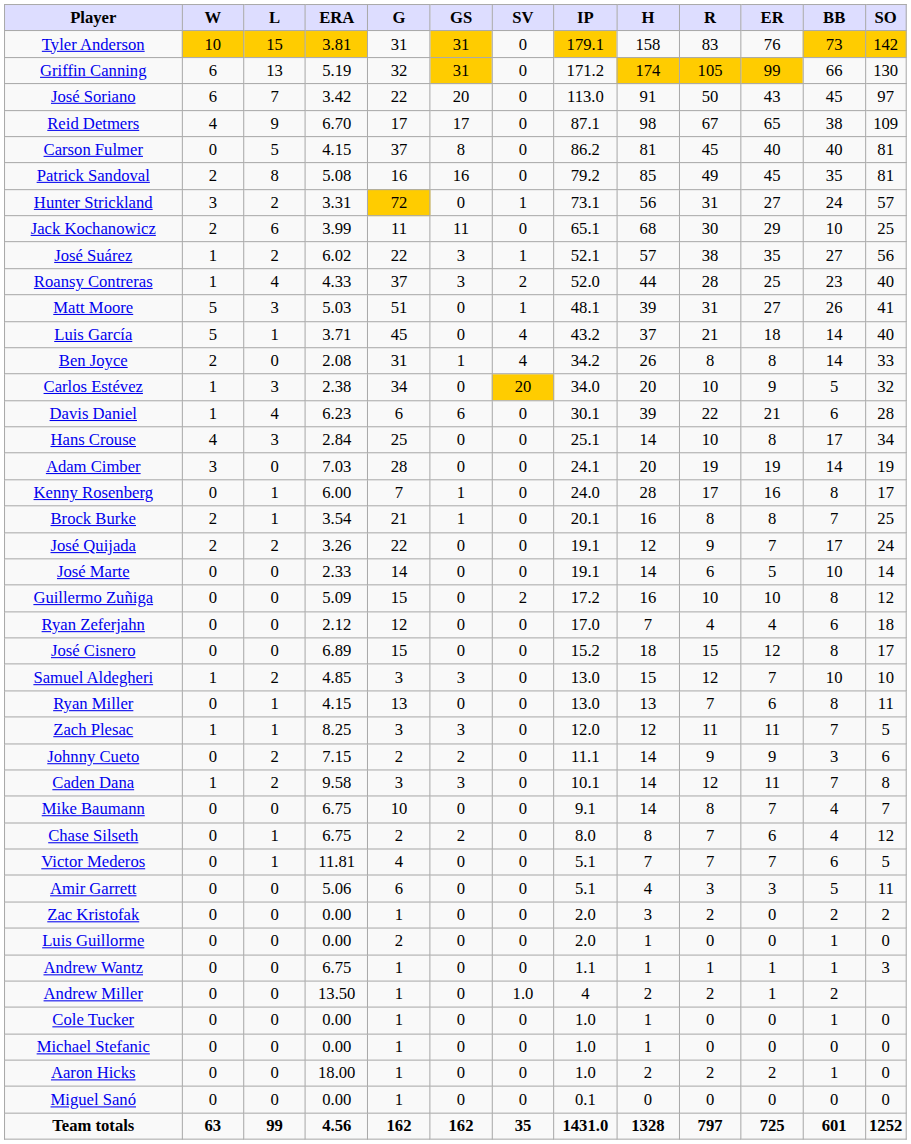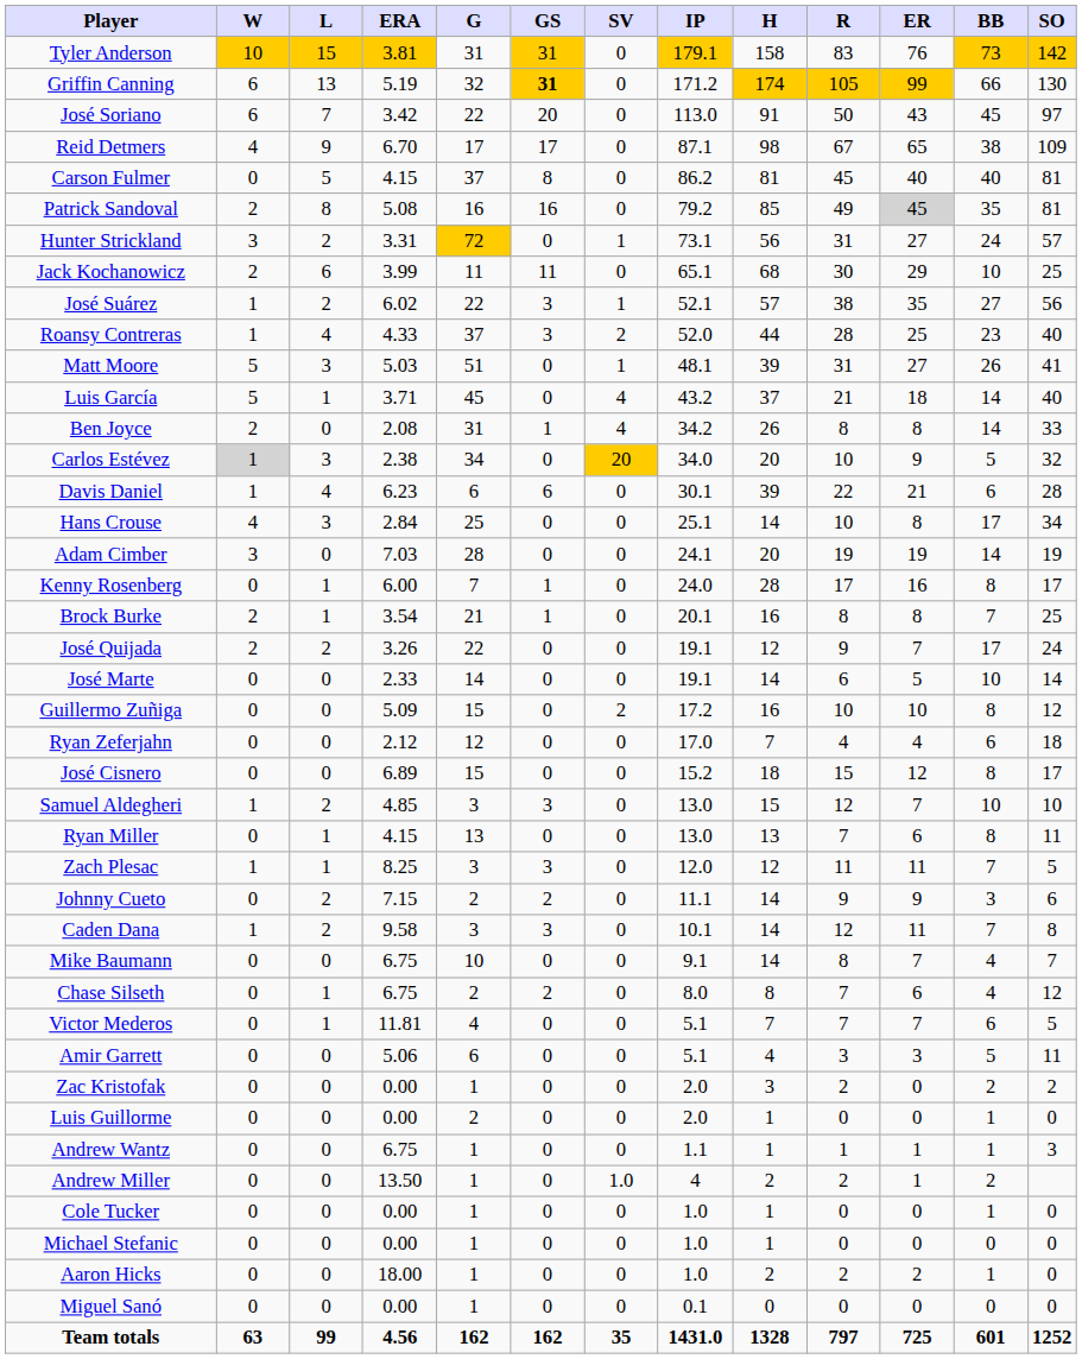 <table class="wikitable" style="text-align:center;">
 <tr>
 <th style="background:#ddf;width:20%;"><strong>Player</strong></th>
 <th style="background:#ddf;width:7%;"><strong>W</strong></th>
 <th style="background:#ddf;width:7%;"><strong>L</strong></th>
 <th style="background:#ddf;width:7%;"><strong>ERA</strong></th>
 <th style="background:#ddf;width:7%;"><strong>G</strong></th>
 <th style="background:#ddf;width:7%;"><strong>GS</strong></th>
 <th style="background:#ddf;width:7%;"><strong>SV</strong></th>
 <th style="background:#ddf;width:7%;"><strong>IP</strong></th>
 <th style="background:#ddf;width:7%;"><strong>H</strong></th>
 <th style="background:#ddf;width:7%;"><strong>R</strong></th>
 <th style="background:#ddf;width:7%;"><strong>ER</strong></th>
 <th style="background:#ddf;width:7%;"><strong>BB</strong></th>
 <th style="background:#ddf;width:7%;"><strong>SO</strong></th>
 </tr>
 <tr>
 <td><a href='#'>Tyler Anderson</a></td>
 <td bgcolor=#ffcc00>10</td>
 <td bgcolor=#ffcc00>15</td>
 <td bgcolor=#ffcc00>3.81</td>
 <td>31</td>
 <td bgcolor=#ffcc00>31</td>
 <td>0</td>
 <td bgcolor=#ffcc00>179.1</td>
 <td>158</td>
 <td>83</td>
 <td>76</td>
 <td bgcolor=#ffcc00>73</td>
 <td bgcolor=#ffcc00>142</td>
 </tr>
 <tr>
 <td><a href='#'>Griffin Canning</a></td>
 <td>6</td>
 <td>13</td>
 <td>5.19</td>
 <td>32</td>
-<td bgcolor=#ffcc00>31</td>
+<td bgcolor=#ffcc00><strong>31</strong></td>
 <td>0</td>
 <td>171.2</td>
 <td bgcolor=#ffcc00>174</td>
 <td bgcolor=#ffcc00>105</td>
 <td bgcolor=#ffcc00>99</td>
 <td>66</td>
 <td>130</td>
 </tr>
 <tr>
 <td><a href='#'>José Soriano</a></td>
 <td>6</td>
 <td>7</td>
 <td>3.42</td>
 <td>22</td>
 <td>20</td>
 <td>0</td>
 <td>113.0</td>
 <td>91</td>
 <td>50</td>
 <td>43</td>
 <td>45</td>
 <td>97</td>
 </tr>
 <tr>
 <td><a href='#'>Reid Detmers</a></td>
 <td>4</td>
 <td>9</td>
 <td>6.70</td>
 <td>17</td>
 <td>17</td>
 <td>0</td>
 <td>87.1</td>
 <td>98</td>
 <td>67</td>
 <td>65</td>
 <td>38</td>
 <td>109</td>
 </tr>
 <tr>
 <td><a href='#'>Carson Fulmer</a></td>
 <td>0</td>
 <td>5</td>
 <td>4.15</td>
 <td>37</td>
 <td>8</td>
 <td>0</td>
 <td>86.2</td>
 <td>81</td>
 <td>45</td>
 <td>40</td>
 <td>40</td>
 <td>81</td>
 </tr>
 <tr>
 <td><a href='#'>Patrick Sandoval</a></td>
 <td>2</td>
 <td>8</td>
 <td>5.08</td>
 <td>16</td>
 <td>16</td>
 <td>0</td>
 <td>79.2</td>
 <td>85</td>
 <td>49</td>
-<td>45</td>
+<td style="background: lightgrey;">45</td>
 <td>35</td>
 <td>81</td>
 </tr>
 <tr>
 <td><a href='#'>Hunter Strickland</a></td>
 <td>3</td>
 <td>2</td>
 <td>3.31</td>
 <td bgcolor=#ffcc00>72</td>
 <td>0</td>
 <td>1</td>
 <td>73.1</td>
 <td>56</td>
 <td>31</td>
 <td>27</td>
 <td>24</td>
 <td>57</td>
 </tr>
 <tr>
 <td><a href='#'>Jack Kochanowicz</a></td>
 <td>2</td>
 <td>6</td>
 <td>3.99</td>
 <td>11</td>
 <td>11</td>
 <td>0</td>
 <td>65.1</td>
 <td>68</td>
 <td>30</td>
 <td>29</td>
 <td>10</td>
 <td>25</td>
 </tr>
 <tr>
 <td><a href='#'>José Suárez</a></td>
 <td>1</td>
 <td>2</td>
 <td>6.02</td>
 <td>22</td>
 <td>3</td>
 <td>1</td>
 <td>52.1</td>
 <td>57</td>
 <td>38</td>
 <td>35</td>
 <td>27</td>
 <td>56</td>
 </tr>
 <tr>
 <td><a href='#'>Roansy Contreras</a></td>
 <td>1</td>
 <td>4</td>
 <td>4.33</td>
 <td>37</td>
 <td>3</td>
 <td>2</td>
 <td>52.0</td>
 <td>44</td>
 <td>28</td>
 <td>25</td>
 <td>23</td>
 <td>40</td>
 </tr>
 <tr>
 <td><a href='#'>Matt Moore</a></td>
 <td>5</td>
 <td>3</td>
 <td>5.03</td>
 <td>51</td>
 <td>0</td>
 <td>1</td>
 <td>48.1</td>
 <td>39</td>
 <td>31</td>
 <td>27</td>
 <td>26</td>
 <td>41</td>
 </tr>
 <tr>
 <td><a href='#'>Luis García</a></td>
 <td>5</td>
 <td>1</td>
 <td>3.71</td>
 <td>45</td>
 <td>0</td>
 <td>4</td>
 <td>43.2</td>
 <td>37</td>
 <td>21</td>
 <td>18</td>
 <td>14</td>
 <td>40</td>
 </tr>
 <tr>
 <td><a href='#'>Ben Joyce</a></td>
 <td>2</td>
 <td>0</td>
 <td>2.08</td>
 <td>31</td>
 <td>1</td>
 <td>4</td>
 <td>34.2</td>
 <td>26</td>
 <td>8</td>
 <td>8</td>
 <td>14</td>
 <td>33</td>
 </tr>
 <tr>
 <td><a href='#'>Carlos Estévez</a></td>
-<td>1</td>
+<td style="background: lightgrey;">1</td>
 <td>3</td>
 <td>2.38</td>
 <td>34</td>
 <td>0</td>
 <td bgcolor=#ffcc00>20</td>
 <td>34.0</td>
 <td>20</td>
 <td>10</td>
 <td>9</td>
 <td>5</td>
 <td>32</td>
 </tr>
 <tr>
 <td><a href='#'>Davis Daniel</a></td>
 <td>1</td>
 <td>4</td>
 <td>6.23</td>
 <td>6</td>
 <td>6</td>
 <td>0</td>
 <td>30.1</td>
 <td>39</td>
 <td>22</td>
 <td>21</td>
 <td>6</td>
 <td>28</td>
 </tr>
 <tr>
 <td><a href='#'>Hans Crouse</a></td>
 <td>4</td>
 <td>3</td>
 <td>2.84</td>
 <td>25</td>
 <td>0</td>
 <td>0</td>
 <td>25.1</td>
 <td>14</td>
 <td>10</td>
 <td>8</td>
 <td>17</td>
 <td>34</td>
 </tr>
 <tr>
 <td><a href='#'>Adam Cimber</a></td>
 <td>3</td>
 <td>0</td>
 <td>7.03</td>
 <td>28</td>
 <td>0</td>
 <td>0</td>
 <td>24.1</td>
 <td>20</td>
 <td>19</td>
 <td>19</td>
 <td>14</td>
 <td>19</td>
 </tr>
 <tr>
 <td><a href='#'>Kenny Rosenberg</a></td>
 <td>0</td>
 <td>1</td>
 <td>6.00</td>
 <td>7</td>
 <td>1</td>
 <td>0</td>
 <td>24.0</td>
 <td>28</td>
 <td>17</td>
 <td>16</td>
 <td>8</td>
 <td>17</td>
 </tr>
 <tr>
 <td><a href='#'>Brock Burke</a></td>
 <td>2</td>
 <td>1</td>
 <td>3.54</td>
 <td>21</td>
 <td>1</td>
 <td>0</td>
 <td>20.1</td>
 <td>16</td>
 <td>8</td>
 <td>8</td>
 <td>7</td>
 <td>25</td>
 </tr>
 <tr>
 <td><a href='#'>José Quijada</a></td>
 <td>2</td>
 <td>2</td>
 <td>3.26</td>
 <td>22</td>
 <td>0</td>
 <td>0</td>
 <td>19.1</td>
 <td>12</td>
 <td>9</td>
 <td>7</td>
 <td>17</td>
 <td>24</td>
 </tr>
 <tr>
 <td><a href='#'>José Marte</a></td>
 <td>0</td>
 <td>0</td>
 <td>2.33</td>
 <td>14</td>
 <td>0</td>
 <td>0</td>
 <td>19.1</td>
 <td>14</td>
 <td>6</td>
 <td>5</td>
 <td>10</td>
 <td>14</td>
 </tr>
 <tr>
 <td><a href='#'>Guillermo Zuñiga</a></td>
 <td>0</td>
 <td>0</td>
 <td>5.09</td>
 <td>15</td>
 <td>0</td>
 <td>2</td>
 <td>17.2</td>
 <td>16</td>
 <td>10</td>
 <td>10</td>
 <td>8</td>
 <td>12</td>
 </tr>
 <tr>
 <td><a href='#'>Ryan Zeferjahn</a></td>
 <td>0</td>
 <td>0</td>
 <td>2.12</td>
 <td>12</td>
 <td>0</td>
 <td>0</td>
 <td>17.0</td>
 <td>7</td>
 <td>4</td>
 <td>4</td>
 <td>6</td>
 <td>18</td>
 </tr>
 <tr>
 <td><a href='#'>José Cisnero</a></td>
 <td>0</td>
 <td>0</td>
 <td>6.89</td>
 <td>15</td>
 <td>0</td>
 <td>0</td>
 <td>15.2</td>
 <td>18</td>
 <td>15</td>
 <td>12</td>
 <td>8</td>
 <td>17</td>
 </tr>
 <tr>
 <td><a href='#'>Samuel Aldegheri</a></td>
 <td>1</td>
 <td>2</td>
 <td>4.85</td>
 <td>3</td>
 <td>3</td>
 <td>0</td>
 <td>13.0</td>
 <td>15</td>
 <td>12</td>
 <td>7</td>
 <td>10</td>
 <td>10</td>
 </tr>
 <tr>
 <td><a href='#'>Ryan Miller</a></td>
 <td>0</td>
 <td>1</td>
 <td>4.15</td>
 <td>13</td>
 <td>0</td>
 <td>0</td>
 <td>13.0</td>
 <td>13</td>
 <td>7</td>
 <td>6</td>
 <td>8</td>
 <td>11</td>
 </tr>
 <tr>
 <td><a href='#'>Zach Plesac</a></td>
 <td>1</td>
 <td>1</td>
 <td>8.25</td>
 <td>3</td>
 <td>3</td>
 <td>0</td>
 <td>12.0</td>
 <td>12</td>
 <td>11</td>
 <td>11</td>
 <td>7</td>
 <td>5</td>
 </tr>
 <tr>
 <td><a href='#'>Johnny Cueto</a></td>
 <td>0</td>
 <td>2</td>
 <td>7.15</td>
 <td>2</td>
 <td>2</td>
 <td>0</td>
 <td>11.1</td>
 <td>14</td>
 <td>9</td>
 <td>9</td>
 <td>3</td>
 <td>6</td>
 </tr>
 <tr>
 <td><a href='#'>Caden Dana</a></td>
 <td>1</td>
 <td>2</td>
 <td>9.58</td>
 <td>3</td>
 <td>3</td>
 <td>0</td>
 <td>10.1</td>
 <td>14</td>
 <td>12</td>
 <td>11</td>
 <td>7</td>
 <td>8</td>
 </tr>
 <tr>
 <td><a href='#'>Mike Baumann</a></td>
 <td>0</td>
 <td>0</td>
 <td>6.75</td>
 <td>10</td>
 <td>0</td>
 <td>0</td>
 <td>9.1</td>
 <td>14</td>
 <td>8</td>
 <td>7</td>
 <td>4</td>
 <td>7</td>
 </tr>
 <tr>
 <td><a href='#'>Chase Silseth</a></td>
 <td>0</td>
 <td>1</td>
 <td>6.75</td>
 <td>2</td>
 <td>2</td>
 <td>0</td>
 <td>8.0</td>
 <td>8</td>
 <td>7</td>
 <td>6</td>
 <td>4</td>
 <td>12</td>
 </tr>
 <tr>
 <td><a href='#'>Victor Mederos</a></td>
 <td>0</td>
 <td>1</td>
 <td>11.81</td>
 <td>4</td>
 <td>0</td>
 <td>0</td>
 <td>5.1</td>
 <td>7</td>
 <td>7</td>
 <td>7</td>
 <td>6</td>
 <td>5</td>
 </tr>
 <tr>
 <td><a href='#'>Amir Garrett</a></td>
 <td>0</td>
 <td>0</td>
 <td>5.06</td>
 <td>6</td>
 <td>0</td>
 <td>0</td>
 <td>5.1</td>
 <td>4</td>
 <td>3</td>
 <td>3</td>
 <td>5</td>
 <td>11</td>
 </tr>
 <tr>
 <td><a href='#'>Zac Kristofak</a></td>
 <td>0</td>
 <td>0</td>
 <td>0.00</td>
 <td>1</td>
 <td>0</td>
 <td>0</td>
 <td>2.0</td>
 <td>3</td>
 <td>2</td>
 <td>0</td>
 <td>2</td>
 <td>2</td>
 </tr>
 <tr>
 <td><a href='#'>Luis Guillorme</a></td>
 <td>0</td>
 <td>0</td>
 <td>0.00</td>
 <td>2</td>
 <td>0</td>
 <td>0</td>
 <td>2.0</td>
 <td>1</td>
 <td>0</td>
 <td>0</td>
 <td>1</td>
 <td>0</td>
 </tr>
 <tr>
 <td><a href='#'>Andrew Wantz</a></td>
 <td>0</td>
 <td>0</td>
 <td>6.75</td>
 <td>1</td>
 <td>0</td>
 <td>0</td>
 <td>1.1</td>
 <td>1</td>
 <td>1</td>
 <td>1</td>
 <td>1</td>
 <td>3</td>
 </tr>
 <tr>
 <td><a href='#'>Andrew Miller</a></td>
 <td>0</td>
 <td>0</td>
 <td>13.50</td>
 <td>1</td>
 <td 0>0</td>
 <td>1.0</td>
 <td>4</td>
 <td>2</td>
 <td>2</td>
 <td>1</td>
 <td>2</td>
 </tr>
 <tr>
 <td><a href='#'>Cole Tucker</a></td>
 <td>0</td>
 <td>0</td>
 <td>0.00</td>
 <td>1</td>
 <td>0</td>
 <td>0</td>
 <td>1.0</td>
 <td>1</td>
 <td>0</td>
 <td>0</td>
 <td>1</td>
 <td>0</td>
 </tr>
 <tr>
 <td><a href='#'>Michael Stefanic</a></td>
 <td>0</td>
 <td>0</td>
 <td>0.00</td>
 <td>1</td>
 <td>0</td>
 <td>0</td>
 <td>1.0</td>
 <td>1</td>
 <td>0</td>
 <td>0</td>
 <td>0</td>
 <td>0</td>
 </tr>
 <tr>
 <td><a href='#'>Aaron Hicks</a></td>
 <td>0</td>
 <td>0</td>
 <td>18.00</td>
 <td>1</td>
 <td>0</td>
 <td>0</td>
 <td>1.0</td>
 <td>2</td>
 <td>2</td>
 <td>2</td>
 <td>1</td>
 <td>0</td>
 </tr>
 <tr>
 <td><a href='#'>Miguel Sanó</a></td>
 <td>0</td>
 <td>0</td>
 <td>0.00</td>
 <td>1</td>
 <td>0</td>
 <td>0</td>
 <td>0.1</td>
 <td>0</td>
 <td>0</td>
 <td>0</td>
 <td>0</td>
 <td>0</td>
 </tr>
 <tr>
 <td><strong>Team totals</strong></td>
 <td><strong>63</strong></td>
 <td><strong>99</strong></td>
 <td><strong>4.56</strong></td>
 <td><strong>162</strong></td>
 <td><strong>162</strong></td>
 <td><strong>35</strong></td>
 <td><strong>1431.0</strong></td>
 <td><strong>1328</strong></td>
 <td><strong>797</strong></td>
 <td><strong>725</strong></td>
 <td><strong>601</strong></td>
 <td><strong>1252</strong></td>
 </tr>
 </table>
